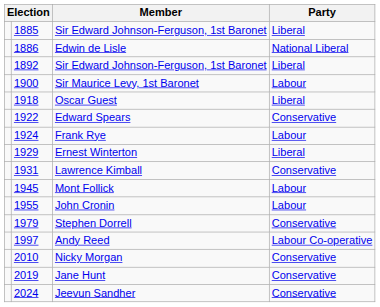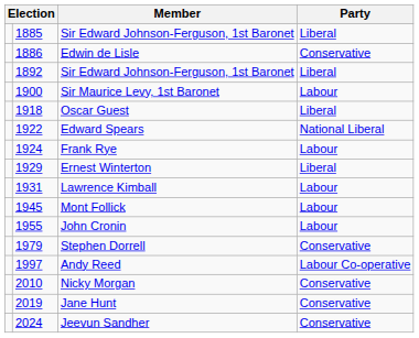 <table class="wikitable">
 <tr>
 <th colspan="2">Election</th>
 <th>Member</th>
 <th>Party</th>
 </tr>
 <tr>
 <td style="color:inherit;background-color: "></td>
 <td><a href='#'>1885</a></td>
 <td><a href='#'>Sir Edward Johnson-Ferguson, 1st Baronet</a></td>
 <td><a href='#'>Liberal</a></td>
 </tr>
 <tr>
 <td style="color:inherit;background-color: "></td>
 <td><a href='#'>1886</a></td>
 <td><a href='#'>Edwin de Lisle</a></td>
-<td><a href='#'>National Liberal</a></td>
+<td><a href='#'>Conservative</a></td>
 </tr>
 <tr>
 <td style="color:inherit;background-color: "></td>
 <td><a href='#'>1892</a></td>
 <td><a href='#'>Sir Edward Johnson-Ferguson, 1st Baronet</a></td>
 <td><a href='#'>Liberal</a></td>
 </tr>
 <tr>
 <td style="color:inherit;background-color: "></td>
 <td><a href='#'>1900</a></td>
 <td><a href='#'>Sir Maurice Levy, 1st Baronet</a></td>
 <td><a href='#'>Labour</a></td>
 </tr>
 <tr>
 <td style="color:inherit;background-color: "></td>
 <td><a href='#'>1918</a></td>
 <td><a href='#'>Oscar Guest</a></td>
 <td><a href='#'>Liberal</a></td>
 </tr>
 <tr>
 <td style="color:inherit;background-color: "></td>
 <td><a href='#'>1922</a></td>
 <td><a href='#'>Edward Spears</a></td>
-<td><a href='#'>Conservative</a></td>
+<td><a href='#'>National Liberal</a></td>
 </tr>
 <tr>
 <td style="color:inherit;background-color: "></td>
 <td><a href='#'>1924</a></td>
 <td><a href='#'>Frank Rye</a></td>
 <td><a href='#'>Labour</a></td>
 </tr>
 <tr>
 <td style="color:inherit;background-color: "></td>
 <td><a href='#'>1929</a></td>
 <td><a href='#'>Ernest Winterton</a></td>
 <td><a href='#'>Liberal</a></td>
 </tr>
 <tr>
 <td style="color:inherit;background-color: "></td>
 <td><a href='#'>1931</a></td>
 <td><a href='#'>Lawrence Kimball</a></td>
-<td><a href='#'>Conservative</a></td>
+<td><a href='#'>Labour</a></td>
 </tr>
 <tr>
 <td style="color:inherit;background-color: "></td>
 <td><a href='#'>1945</a></td>
 <td><a href='#'>Mont Follick</a></td>
 <td><a href='#'>Labour</a></td>
 </tr>
 <tr>
 <td style="color:inherit;background-color: "></td>
 <td><a href='#'>1955</a></td>
 <td><a href='#'>John Cronin</a></td>
 <td><a href='#'>Labour</a></td>
 </tr>
 <tr>
 <td style="color:inherit;background-color: "></td>
 <td><a href='#'>1979</a></td>
 <td><a href='#'>Stephen Dorrell</a></td>
 <td><a href='#'>Conservative</a></td>
 </tr>
 <tr>
 <td style="color:inherit;background-color: "></td>
 <td><a href='#'>1997</a></td>
 <td><a href='#'>Andy Reed</a></td>
 <td><a href='#'>Labour Co-operative</a></td>
 </tr>
 <tr>
 <td style="color:inherit;background-color: "></td>
 <td><a href='#'>2010</a></td>
 <td><a href='#'>Nicky Morgan</a></td>
 <td><a href='#'>Conservative</a></td>
 </tr>
 <tr>
 <td style="color:inherit;background-color: "></td>
 <td><a href='#'>2019</a></td>
 <td><a href='#'>Jane Hunt</a></td>
 <td><a href='#'>Conservative</a></td>
 </tr>
 <tr>
 <td style="color:inherit;background-color: "></td>
 <td><a href='#'>2024</a></td>
 <td><a href='#'>Jeevun Sandher</a></td>
 <td><a href='#'>Conservative</a></td>
 </tr>
 </table>
